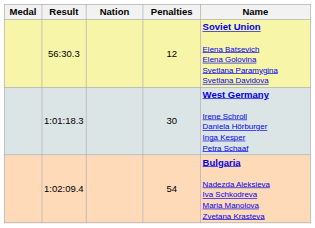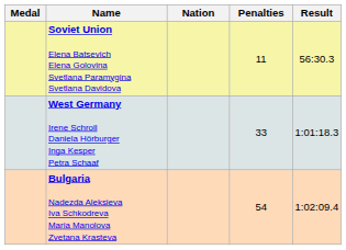 <table class=wikitable style="border:1px solid #AAAAAA;font-size:90%">
 <tr bgcolor="#E4E4E4">
 <th style="border-bottom:1px solid #AAAAAA" width=50>Medal</th>
-<th style="border-bottom:1px solid #AAAAAA" width=60>Result</th>
+<th style="border-bottom:1px solid #AAAAAA" width=160>Name</th>
 <th style="border-bottom:1px solid #AAAAAA" width=80>Nation</th>
 <th style="border-bottom:1px solid #AAAAAA" width=80>Penalties</th>
-<th style="border-bottom:1px solid #AAAAAA" width=160>Name</th>
+<th style="border-bottom:1px solid #AAAAAA" width=60>Result</th>
 </tr>
 <tr bgcolor="#F7F6A8">
 <td align="center"></td>
+<td><strong><a href='#'>Soviet Union</a></strong><br><br><small><a href='#'>Elena Batsevich</a><br><a href='#'>Elena Golovina</a><br><a href='#'>Svetlana Paramygina</a><br><a href='#'>Svetlana Davidova</a></small></td>
+<td></td>
+<td align="center">11</td>
 <td align="center">56:30.3</td>
-<td></td>
-<td align="center">12</td>
-<td><strong><a href='#'>Soviet Union</a></strong><br><br><small><a href='#'>Elena Batsevich</a><br><a href='#'>Elena Golovina</a><br><a href='#'>Svetlana Paramygina</a><br><a href='#'>Svetlana Davidova</a></small></td>
 </tr>
 <tr bgcolor="#DCE5E5">
 <td align="center"></td>
+<td><strong><a href='#'>West Germany</a></strong><br><br><small><a href='#'>Irene Schroll</a><br><a href='#'>Daniela Hörburger</a><br><a href='#'>Inga Kesper</a><br><a href='#'>Petra Schaaf</a></small></td>
+<td></td>
+<td align="center">33</td>
 <td align="right">1:01:18.3</td>
-<td></td>
-<td align="center">30</td>
-<td><strong><a href='#'>West Germany</a></strong><br><br><small><a href='#'>Irene Schroll</a><br><a href='#'>Daniela Hörburger</a><br><a href='#'>Inga Kesper</a><br><a href='#'>Petra Schaaf</a></small></td>
 </tr>
 <tr bgcolor="#FFDAB9">
 <td align="center"></td>
-<td align="right">1:02:09.4</td>
+<td><strong><a href='#'>Bulgaria</a></strong><br><br><small><a href='#'>Nadezda Aleksieva</a><br><a href='#'>Iva Schkodreva</a><br><a href='#'>Maria Manolova</a><br><a href='#'>Zvetana Krasteva</a></small></td>
 <td></td>
 <td align="center">54</td>
-<td><strong><a href='#'>Bulgaria</a></strong><br><br><small><a href='#'>Nadezda Aleksieva</a><br><a href='#'>Iva Schkodreva</a><br><a href='#'>Maria Manolova</a><br><a href='#'>Zvetana Krasteva</a></small></td>
+<td align="right">1:02:09.4</td>
 </tr>
 </table>
